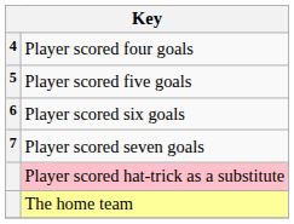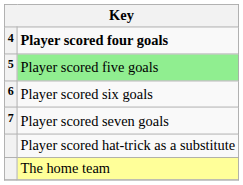 <table class=wikitable plainrowheaders>
 <tr>
 <th colspan="2" scope=col>Key</th>
 </tr>
 <tr>
 <th align=left scope=row><sup>4</sup></th>
-<td align=left>Player scored four goals</td>
+<td align=left><strong>Player scored four goals</strong></td>
 </tr>
 <tr>
 <th align=left scope=row><sup>5</sup></th>
-<td align=left>Player scored five goals</td>
+<td align=left style="background: lightgreen;">Player scored five goals</td>
 </tr>
 <tr>
 <th align=left scope=row><sup>6</sup></th>
 <td align=left>Player scored six goals</td>
 </tr>
 <tr>
 <th align=left scope=row><sup>7</sup></th>
 <td align=left>Player scored seven goals</td>
 </tr>
 <tr>
 <th align=left scope=row></th>
-<td align=left style="background: pink;">Player scored hat-trick as a substitute</td>
+<td align=left>Player scored hat-trick as a substitute</td>
 </tr>
 <tr>
 <th align=left scope=row></th>
 <td align=left bgcolor=#FFFF99>The home team</td>
 </tr>
 <tr>
 </tr>
 </table>
